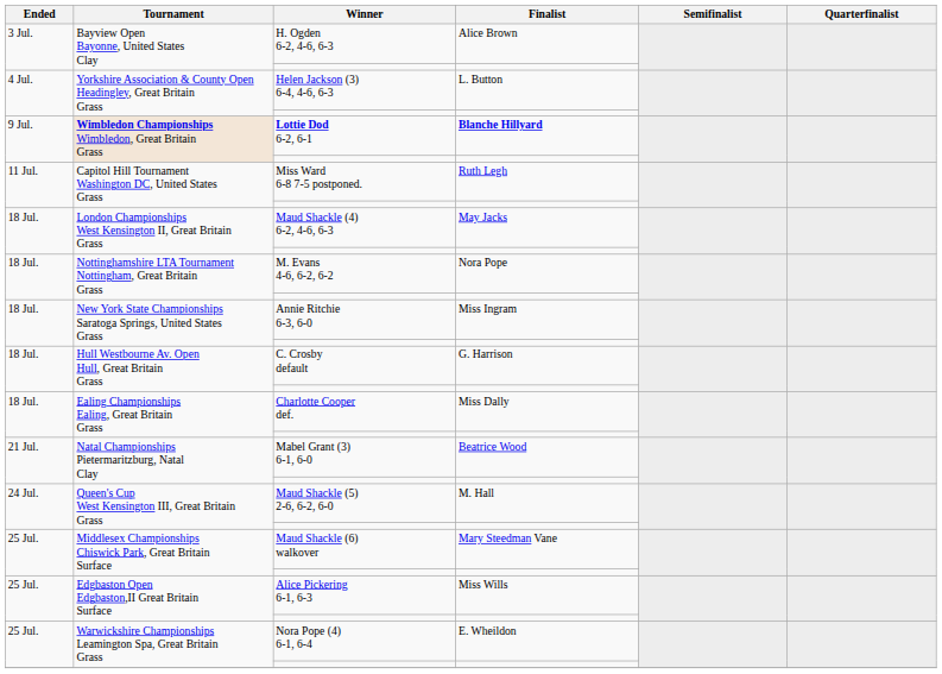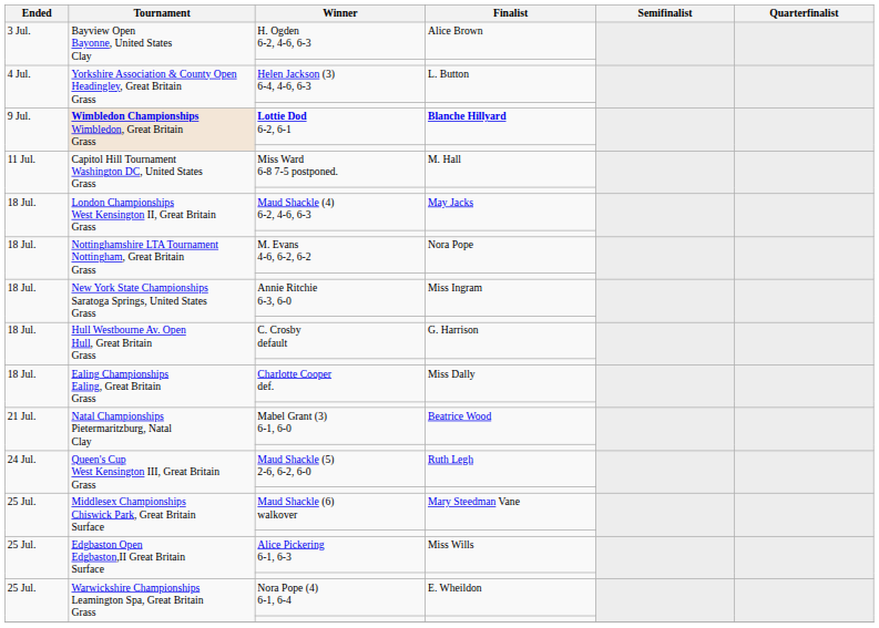 <table class="wikitable" style="font-size:85%;">
 <tr>
 <th width="75">Ended</th>
 <th width="230">Tournament</th>
 <th width="210">Winner</th>
 <th width="210">Finalist</th>
 <th width="170">Semifinalist</th>
 <th width="170">Quarterfinalist</th>
 </tr>
 <tr valign=top>
 <td rowspan=2>3 Jul.</td>
 <td rowspan=2>Bayview Open <br><a href='#'>Bayonne</a>, United States<br>Clay</td>
 <td> H. Ogden<br>6-2, 4-6, 6-3</td>
 <td> Alice Brown</td>
 <td style="background:#ededed;" rowspan=2></td>
 <td style="background:#ededed;" rowspan=2></td>
 </tr>
 <tr valign=top>
 <td></td>
 <td></td>
 </tr>
 <tr valign=top>
 <td rowspan=2>4 Jul.</td>
 <td rowspan="2"><a href='#'>Yorkshire Association & County Open</a><br><a href='#'>Headingley</a>, Great Britain<br>Grass</td>
 <td> <a href='#'>Helen Jackson</a> (3)<br>6-4, 4-6, 6-3</td>
 <td> L. Button</td>
 <td style="background:#ededed;" rowspan=2></td>
 <td style="background:#ededed;" rowspan=2></td>
 </tr>
 <tr valign=top>
 <td></td>
 <td></td>
 </tr>
 <tr valign=top>
 <td rowspan=2>9 Jul.</td>
 <td style="background:#f3e6d7;"  rowspan="2"><strong><a href='#'>Wimbledon Championships</a></strong><br><a href='#'>Wimbledon</a>, Great Britain<br>Grass</td>
 <td> <strong><a href='#'>Lottie Dod</a></strong><br>6-2, 6-1</td>
 <td> <strong><a href='#'>Blanche Hillyard</a></strong></td>
 <td style="background:#ededed;" rowspan=2></td>
 <td style="background:#ededed;" rowspan=2></td>
 </tr>
 <tr valign=top>
 <td></td>
 <td></td>
 </tr>
 <tr valign=top>
 <td rowspan=2>11 Jul.</td>
 <td rowspan=2>Capitol Hill Tournament <br><a href='#'>Washington DC</a>, United States<br>Grass</td>
 <td> Miss Ward<br>6-8 7-5 postponed.</td>
-<td> <a href='#'>Ruth Legh</a></td>
+<td> M. Hall</td>
 <td style="background:#ededed;" rowspan=2></td>
 <td style="background:#ededed;" rowspan=2></td>
 </tr>
 <tr valign=top>
 <td></td>
 <td></td>
 </tr>
 <tr valign=top>
 <td rowspan=2>18 Jul.</td>
 <td rowspan="2"><a href='#'>London Championships</a> <br><a href='#'>West Kensington</a> II, Great Britain<br>Grass</td>
 <td> <a href='#'>Maud Shackle</a> (4)<br>6-2, 4-6, 6-3</td>
 <td> <a href='#'>May Jacks</a></td>
 <td style="background:#ededed;" rowspan=2></td>
 <td style="background:#ededed;" rowspan=2></td>
 </tr>
 <tr valign=top>
 <td></td>
 <td></td>
 </tr>
 <tr valign=top>
 <td rowspan=2>18 Jul.</td>
 <td rowspan=2><a href='#'>Nottinghamshire LTA Tournament</a><br><a href='#'>Nottingham</a>, Great Britain<br>Grass</td>
 <td> M. Evans<br>4-6, 6-2, 6-2</td>
 <td> Nora Pope</td>
 <td style="background:#ededed;" rowspan=2></td>
 <td style="background:#ededed;" rowspan=2></td>
 </tr>
 <tr valign=top>
 <td></td>
 <td></td>
 </tr>
 <tr valign=top>
 <td rowspan=2>18 Jul.</td>
 <td rowspan="2"><a href='#'>New York State Championships</a><br>Saratoga Springs, United States<br>Grass</td>
 <td> Annie Ritchie<br>6-3, 6-0</td>
 <td> Miss Ingram</td>
 <td style="background:#ededed;" rowspan=2></td>
 <td style="background:#ededed;" rowspan=2></td>
 </tr>
 <tr valign=top>
 <td></td>
 <td></td>
 </tr>
 <tr valign=top>
 <td rowspan=2>18 Jul.</td>
 <td rowspan=2><a href='#'>Hull Westbourne Av. Open</a> <br><a href='#'>Hull</a>, Great Britain<br>Grass</td>
 <td> C. Crosby<br>default</td>
 <td> G. Harrison</td>
 <td style="background:#ededed;" rowspan=2></td>
 <td style="background:#ededed;" rowspan=2></td>
 </tr>
 <tr valign=top>
 <td></td>
 <td></td>
 </tr>
 <tr valign=top>
 <td rowspan=2>18 Jul.</td>
 <td rowspan=2><a href='#'>Ealing Championships</a><br><a href='#'>Ealing</a>, Great Britain<br>Grass</td>
 <td> <a href='#'>Charlotte Cooper</a><br>def.</td>
 <td>  Miss Dally</td>
 <td style="background:#ededed;" rowspan=2></td>
 <td style="background:#ededed;" rowspan=2></td>
 </tr>
 <tr valign=top>
 <td></td>
 <td></td>
 </tr>
 <tr valign=top>
 <td rowspan=2>21 Jul.</td>
 <td rowspan=2><a href='#'>Natal Championships</a><br>Pietermaritzburg, Natal<br>Clay</td>
 <td> Mabel Grant (3)<br>6-1, 6-0</td>
 <td> <a href='#'>Beatrice Wood</a></td>
 <td style="background:#ededed;" rowspan=2></td>
 <td style="background:#ededed;" rowspan=2></td>
 </tr>
 <tr valign=top>
 <td></td>
 <td></td>
 </tr>
 <tr valign=top>
 <td rowspan=2>24 Jul.</td>
 <td rowspan=2><a href='#'>Queen's Cup</a><br><a href='#'>West Kensington</a> III, Great Britain<br>Grass</td>
 <td> <a href='#'>Maud Shackle</a> (5)<br>2-6, 6-2, 6-0</td>
-<td> M. Hall</td>
+<td> <a href='#'>Ruth Legh</a></td>
 <td style="background:#ededed;" rowspan=2></td>
 <td style="background:#ededed;" rowspan=2></td>
 </tr>
 <tr valign=top>
 <td></td>
 <td></td>
 </tr>
 <tr valign=top>
 <td rowspan=2>25 Jul.</td>
 <td rowspan="2"><a href='#'>Middlesex Championships</a><br><a href='#'>Chiswick Park</a>, Great Britain<br>Surface</td>
 <td> <a href='#'>Maud Shackle</a> (6)<br>walkover</td>
 <td> <a href='#'>Mary Steedman</a> Vane</td>
 <td style="background:#ededed;" rowspan=2></td>
 <td style="background:#ededed;" rowspan=2></td>
 </tr>
 <tr valign=top>
 <td></td>
 <td></td>
 </tr>
 <tr valign=top>
 <td rowspan=2>25 Jul.</td>
 <td rowspan=2><a href='#'>Edgbaston Open</a><br><a href='#'>Edgbaston</a>,II Great Britain<br>Surface</td>
 <td> <a href='#'>Alice Pickering</a><br>6-1, 6-3</td>
 <td> Miss Wills</td>
 <td style="background:#ededed;" rowspan=2></td>
 <td style="background:#ededed;" rowspan=2></td>
 </tr>
 <tr valign=top>
 <td></td>
 <td></td>
 </tr>
 <tr valign=top>
 <td rowspan=2>25 Jul.</td>
 <td rowspan=2><a href='#'>Warwickshire Championships</a><br>Leamington Spa, Great Britain<br>Grass</td>
 <td> Nora Pope (4)<br>6-1, 6-4</td>
 <td> E. Wheildon</td>
 <td style="background:#ededed;" rowspan=2></td>
 <td style="background:#ededed;" rowspan=2></td>
 </tr>
 <tr valign=top>
 <td></td>
 <td></td>
 </tr>
 <tr valign=top>
 </tr>
 </table>
